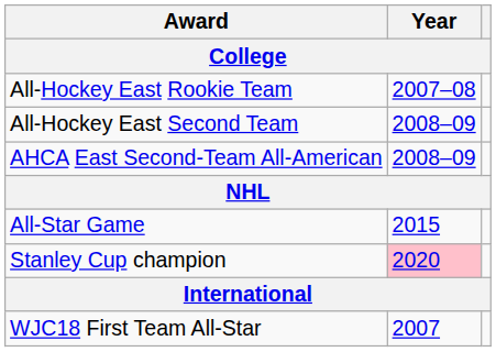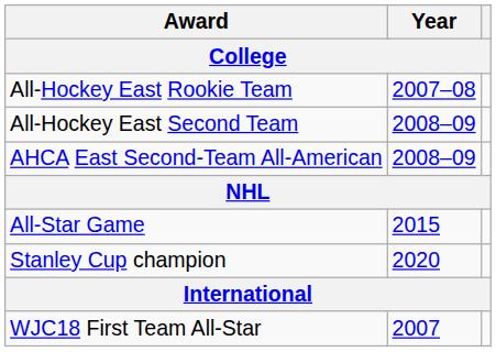 <table class="wikitable">
 <tr>
 <th>Award</th>
 <th>Year</th>
 <th></th>
 </tr>
 <tr>
 <th colspan="3"><a href='#'>College</a></th>
 </tr>
 <tr>
 <td>All-<a href='#'>Hockey East</a> <a href='#'>Rookie Team</a></td>
 <td><a href='#'>2007–08</a></td>
 <td></td>
 </tr>
 <tr>
 <td>All-Hockey East <a href='#'>Second Team</a></td>
 <td><a href='#'>2008–09</a></td>
 <td></td>
 </tr>
 <tr>
 <td><a href='#'>AHCA</a> <a href='#'>East Second-Team All-American</a></td>
 <td><a href='#'>2008–09</a></td>
 <td></td>
 </tr>
 <tr>
 <th colspan="3"><a href='#'>NHL</a></th>
 </tr>
 <tr>
 <td><a href='#'>All-Star Game</a></td>
 <td><a href='#'>2015</a></td>
 <td></td>
 </tr>
 <tr>
 <td><a href='#'>Stanley Cup</a> champion</td>
-<td style="background: pink;"><a href='#'>2020</a></td>
+<td><a href='#'>2020</a></td>
 <td></td>
 </tr>
 <tr>
 <th colspan="3"><a href='#'>International</a></th>
 </tr>
 <tr>
 <td><a href='#'>WJC18</a> First Team All-Star</td>
 <td><a href='#'>2007</a></td>
 <td></td>
 </tr>
 </table>
